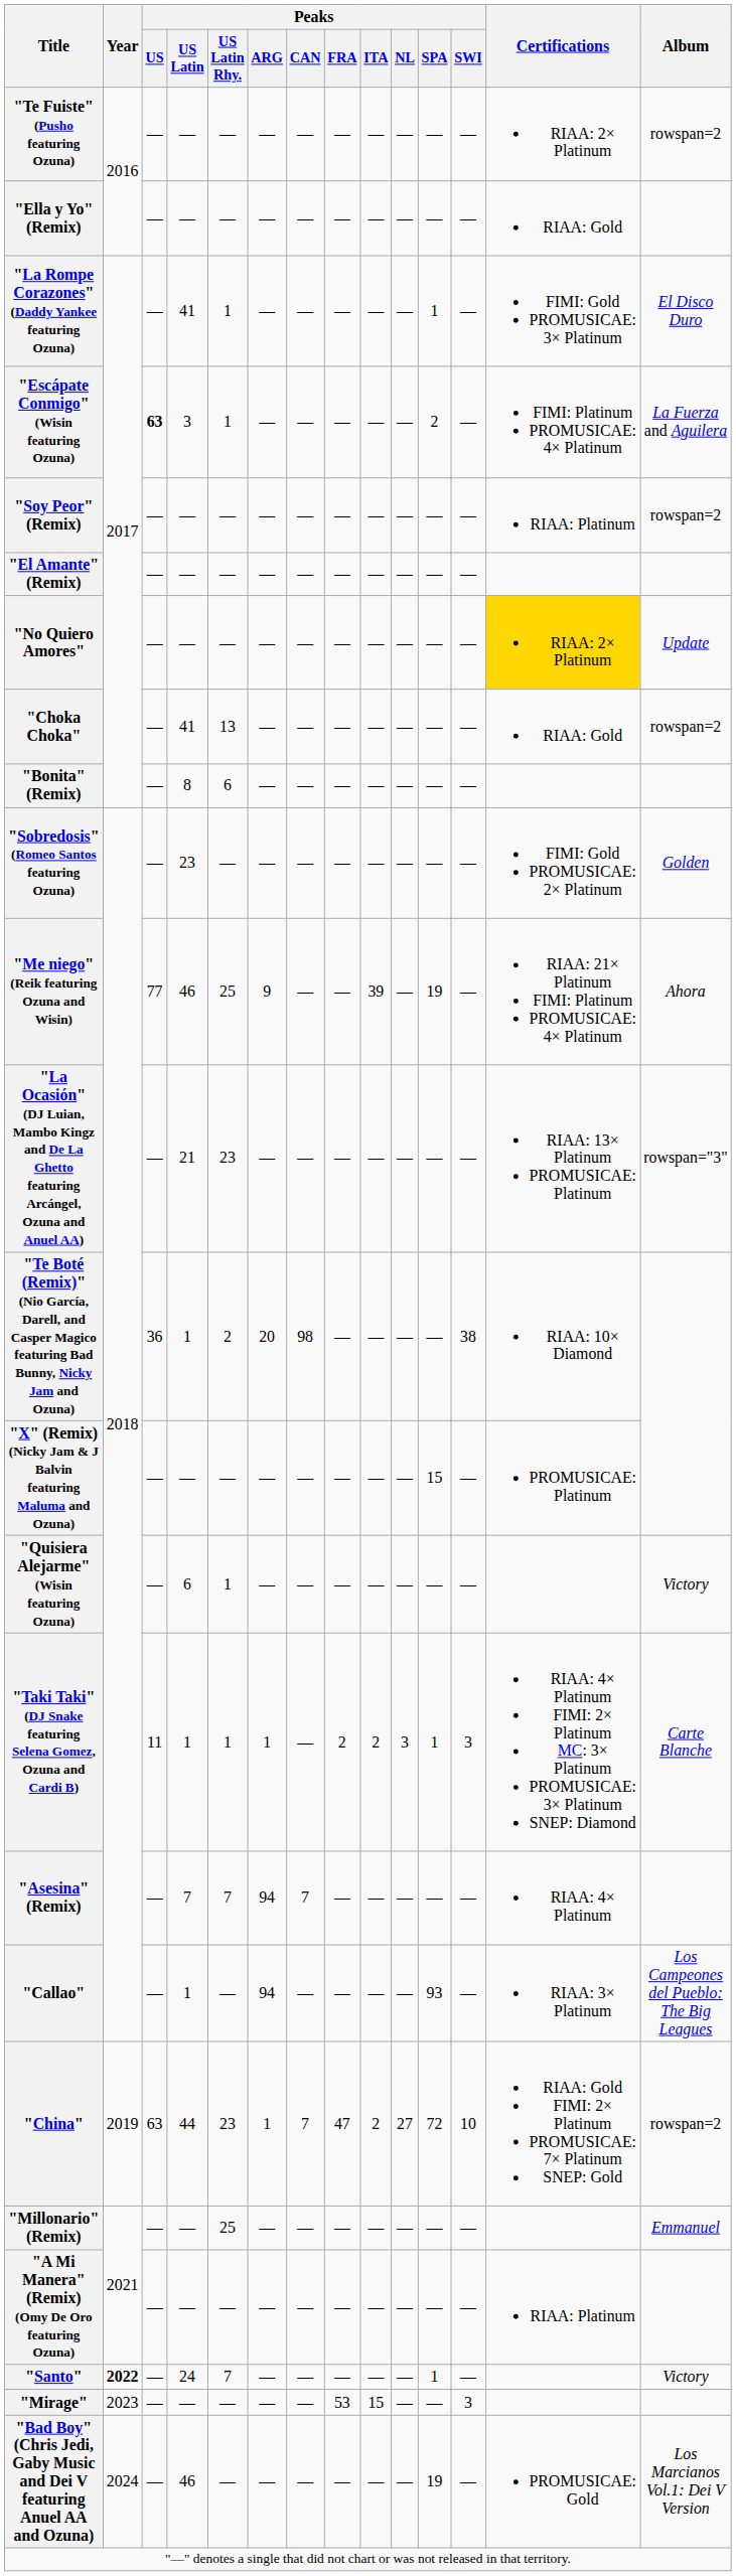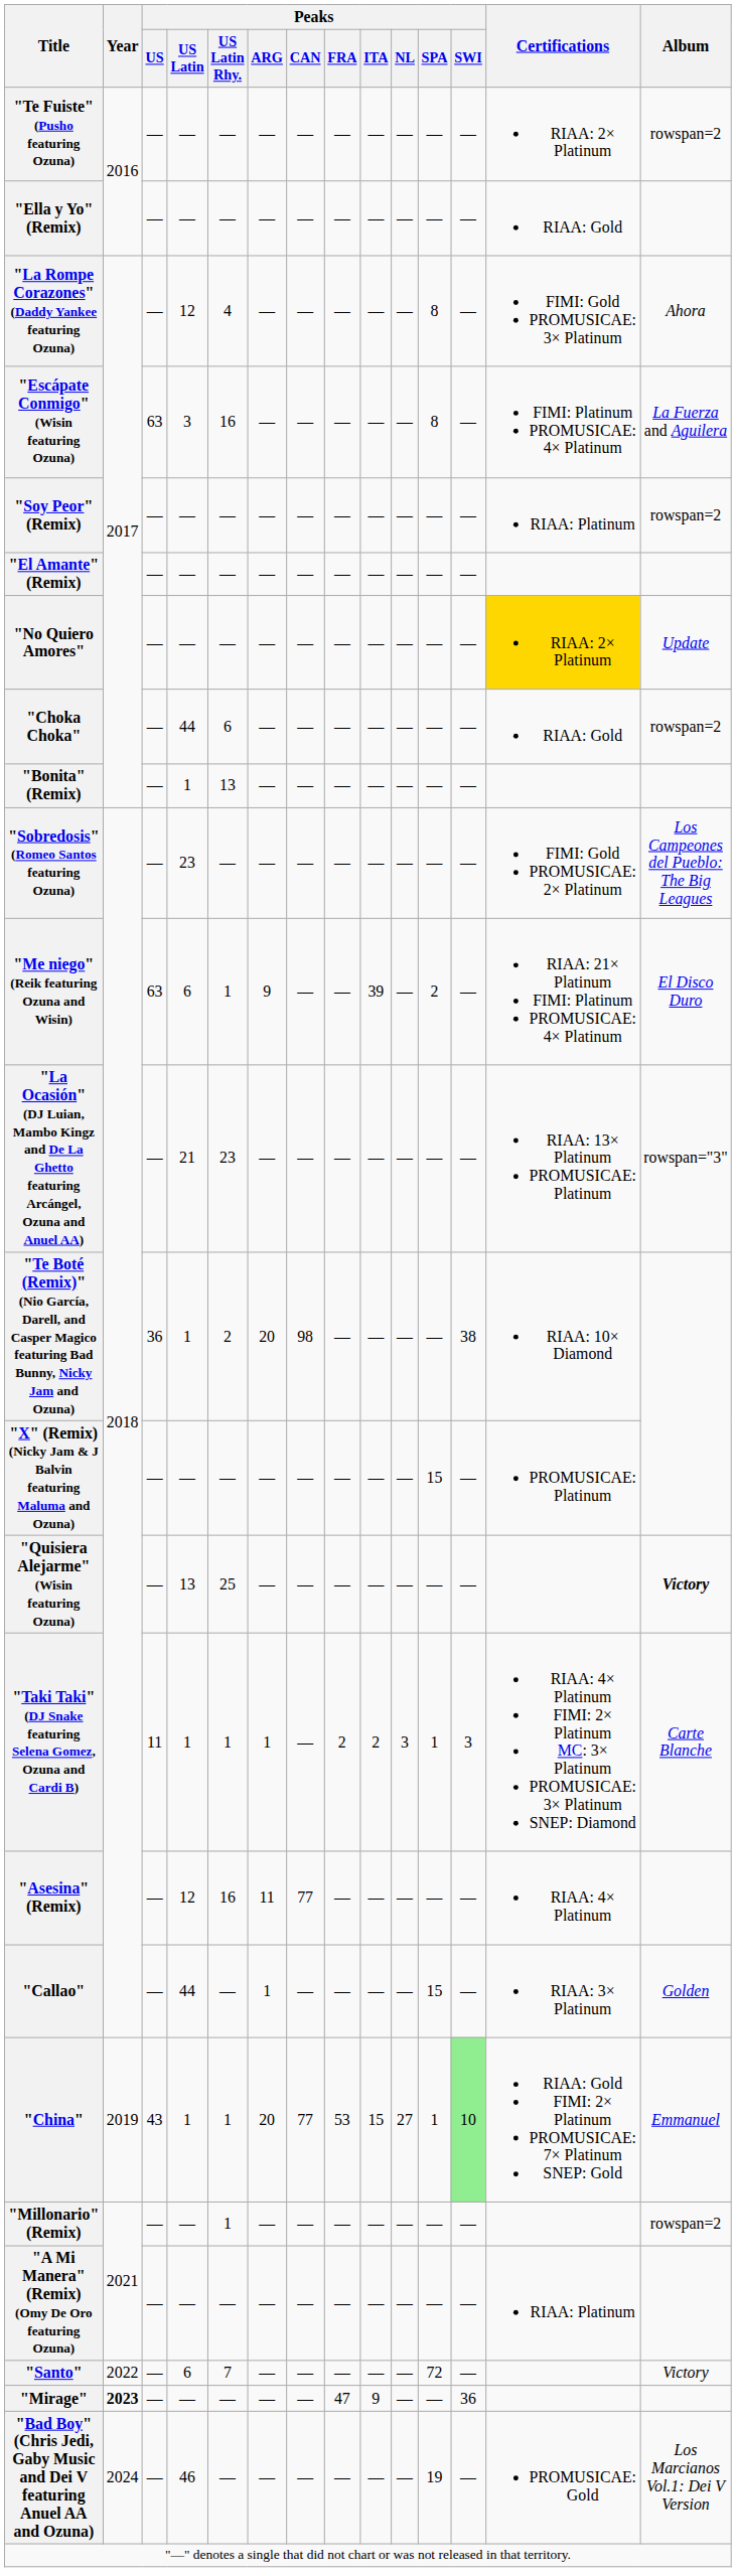 <table class="wikitable plainrowheaders" style="text-align:center;">
 <tr>
 <th scope="col" rowspan="2" style="width:19em;">Title</th>
 <th scope="col" rowspan="2">Year</th>
 <th scope="col" colspan="10">Peaks</th>
 <th scope="col" rowspan="2" style="width:16em;"><a href='#'>Certifications</a></th>
 <th scope="col" rowspan="2">Album</th>
 </tr>
 <tr>
 <th scope="col" style="width:3em;font-size:90%;"><a href='#'>US</a><br></th>
 <th scope="col" style="width:3em;font-size:90%;"><a href='#'>US<br>Latin</a><br></th>
 <th scope="col" style="width:3em;font-size:90%;"><a href='#'>US<br>Latin<br>Rhy.</a><br></th>
 <th scope="col" style="width:3em;font-size:90%;"><a href='#'>ARG</a><br></th>
 <th scope="col" style="width:3em;font-size:90%;"><a href='#'>CAN</a><br></th>
 <th scope="col" style="width:3em;font-size:90%;"><a href='#'>FRA</a><br></th>
 <th scope="col" style="width:3em;font-size:90%;"><a href='#'>ITA</a><br></th>
 <th scope="col" style="width:3em;font-size:90%;"><a href='#'>NL</a><br></th>
 <th scope="col" style="width:3em;font-size:90%;"><a href='#'>SPA</a><br></th>
 <th scope="col" style="width:3em;font-size:90%;"><a href='#'>SWI</a><br></th>
 </tr>
 <tr>
 <th scope="row">"Te Fuiste"<br><small>(<a href='#'>Pusho</a> featuring Ozuna)</small></th>
 <td rowspan=2>2016</td>
 <td>—</td>
 <td>—</td>
 <td>—</td>
 <td>—</td>
 <td>—</td>
 <td>—</td>
 <td>—</td>
 <td>—</td>
 <td>—</td>
 <td>—</td>
 <td><br><ul><li>RIAA: 2× Platinum </li></ul></td>
 <td>rowspan=2 </td>
 </tr>
 <tr>
 <th scope="row">"Ella y Yo" (Remix)<br></th>
 <td>—</td>
 <td>—</td>
 <td>—</td>
 <td>—</td>
 <td>—</td>
 <td>—</td>
 <td>—</td>
 <td>—</td>
 <td>—</td>
 <td>—</td>
 <td><br><ul><li>RIAA: Gold </li></ul></td>
 </tr>
 <tr>
 <th scope="row">"<a href='#'>La Rompe Corazones</a>"<br><small>(<a href='#'>Daddy Yankee</a> featuring Ozuna)</small></th>
 <td rowspan="7">2017</td>
 <td>—</td>
-<td>41</td>
-<td>1</td>
+<td>12</td>
+<td>4</td>
 <td>—</td>
 <td>—</td>
 <td>—</td>
 <td>—</td>
 <td>—</td>
-<td>1</td>
+<td>8</td>
 <td>—</td>
 <td><br><ul><li>FIMI: Gold</li><li>PROMUSICAE: 3× Platinum</li></ul></td>
-<td><em><a href='#'>El Disco Duro</a></em></td>
+<td><em>Ahora</em></td>
 </tr>
 <tr>
 <th scope="row">"<a href='#'>Escápate Conmigo</a>"<br><small>(Wisin featuring Ozuna)</small></th>
-<td><strong>63</strong></td>
+<td>63</td>
 <td>3</td>
-<td>1</td>
+<td>16</td>
 <td>—</td>
 <td>—</td>
 <td>—</td>
 <td>—</td>
 <td>—</td>
-<td>2</td>
+<td>8</td>
 <td>—</td>
 <td><br><ul><li>FIMI: Platinum</li><li>PROMUSICAE: 4× Platinum</li></ul></td>
 <td><em><a href='#'>La Fuerza</a></em> and <em><a href='#'>Aguilera</a></em></td>
 </tr>
 <tr>
 <th scope="row">"<a href='#'>Soy Peor</a>" (Remix)<br></th>
 <td>—</td>
 <td>—</td>
 <td>—</td>
 <td>—</td>
 <td>—</td>
 <td>—</td>
 <td>—</td>
 <td>—</td>
 <td>—</td>
 <td>—</td>
 <td><br><ul><li>RIAA: Platinum </li></ul></td>
 <td>rowspan=2 </td>
 </tr>
 <tr>
 <th scope="row">"<a href='#'>El Amante</a>" (Remix)<br></th>
 <td>—</td>
 <td>—</td>
 <td>—</td>
 <td>—</td>
 <td>—</td>
 <td>—</td>
 <td>—</td>
 <td>—</td>
 <td>—</td>
 <td>—</td>
 <td></td>
 </tr>
 <tr>
 <th scope="row">"No Quiero Amores"<br></th>
 <td>—</td>
 <td>—</td>
 <td>—</td>
 <td>—</td>
 <td>—</td>
 <td>—</td>
 <td>—</td>
 <td>—</td>
 <td>—</td>
 <td>—</td>
 <td style="background: gold;"><br><ul><li>RIAA: 2× Platinum </li></ul></td>
 <td><em><a href='#'>Update</a></em></td>
 </tr>
 <tr>
 <th scope="row">"Choka Choka"<br></th>
 <td>—</td>
-<td>41</td>
-<td>13</td>
+<td>44</td>
+<td>6</td>
 <td>—</td>
 <td>—</td>
 <td>—</td>
 <td>—</td>
 <td>—</td>
 <td>—</td>
 <td>—</td>
 <td><br><ul><li>RIAA: Gold </li></ul></td>
 <td>rowspan=2 </td>
 </tr>
 <tr>
 <th scope="row">"Bonita" (Remix)<br></th>
 <td>—</td>
-<td>8</td>
-<td>6</td>
+<td>1</td>
+<td>13</td>
 <td>—</td>
 <td>—</td>
 <td>—</td>
 <td>—</td>
 <td>—</td>
 <td>—</td>
 <td>—</td>
 <td></td>
 </tr>
 <tr>
 <th scope="row">"<a href='#'>Sobredosis</a>"<br><small>(<a href='#'>Romeo Santos</a> featuring Ozuna)</small></th>
 <td rowspan="9">2018</td>
 <td>—</td>
 <td>23</td>
 <td>—</td>
 <td>—</td>
 <td>—</td>
 <td>—</td>
 <td>—</td>
 <td>—</td>
 <td>—</td>
 <td>—</td>
 <td><br><ul><li>FIMI: Gold</li><li>PROMUSICAE: 2× Platinum</li></ul></td>
-<td><em><a href='#'>Golden</a></em></td>
+<td><em><a href='#'>Los Campeones del Pueblo: The Big Leagues</a></em></td>
 </tr>
 <tr>
 <th scope="row">"<a href='#'>Me niego</a>"<br><small>(Reik featuring Ozuna and Wisin)</small></th>
-<td>77</td>
-<td>46</td>
-<td>25</td>
+<td>63</td>
+<td>6</td>
+<td>1</td>
 <td>9</td>
 <td>—</td>
 <td>—</td>
 <td>39</td>
 <td>—</td>
-<td>19</td>
+<td>2</td>
 <td>—</td>
 <td><br><ul><li>RIAA: 21× Platinum </li><li>FIMI: Platinum</li><li>PROMUSICAE: 4× Platinum</li></ul></td>
-<td><em>Ahora</em></td>
+<td><em><a href='#'>El Disco Duro</a></em></td>
 </tr>
 <tr>
 <th scope="row">"<a href='#'>La Ocasión</a>"<br><small>(DJ Luian, Mambo Kingz and <a href='#'>De La Ghetto</a> featuring Arcángel, Ozuna and <a href='#'>Anuel AA</a>)</small></th>
 <td>—</td>
 <td>21</td>
 <td>23</td>
 <td>—</td>
 <td>—</td>
 <td>—</td>
 <td>—</td>
 <td>—</td>
 <td>—</td>
 <td>—</td>
 <td><br><ul><li>RIAA: 13× Platinum </li><li>PROMUSICAE: Platinum</li></ul></td>
 <td>rowspan="3" </td>
 </tr>
 <tr>
 <th scope="row">"<a href='#'>Te Boté (Remix)</a>" <br><small>(Nio García, Darell, and Casper Magico featuring Bad Bunny, <a href='#'>Nicky Jam</a> and Ozuna)</small></th>
 <td>36</td>
 <td>1</td>
 <td>2</td>
 <td>20</td>
 <td>98</td>
 <td>—</td>
 <td>—</td>
 <td>—</td>
 <td>—</td>
 <td>38</td>
 <td><br><ul><li>RIAA: 10× Diamond </li></ul></td>
 </tr>
 <tr>
 <th scope="row">"<a href='#'>X</a>" (Remix)<br><small>(Nicky Jam & J Balvin featuring <a href='#'>Maluma</a> and Ozuna)</small></th>
 <td>—</td>
 <td>—</td>
 <td>—</td>
 <td>—</td>
 <td>—</td>
 <td>—</td>
 <td>—</td>
 <td>—</td>
 <td>15</td>
 <td>—</td>
 <td><br><ul><li>PROMUSICAE: Platinum</li></ul></td>
 </tr>
 <tr>
 <th scope="row">"Quisiera Alejarme"<br><small>(Wisin featuring Ozuna)</small></th>
 <td>—</td>
-<td>6</td>
-<td>1</td>
+<td>13</td>
+<td>25</td>
 <td>—</td>
 <td>—</td>
 <td>—</td>
 <td>—</td>
 <td>—</td>
 <td>—</td>
 <td>—</td>
 <td></td>
-<td><em>Victory</em></td>
+<td><strong><em>Victory</em></strong></td>
 </tr>
 <tr>
 <th scope="row">"<a href='#'>Taki Taki</a>" <br><small>(<a href='#'>DJ Snake</a> featuring <a href='#'>Selena Gomez</a>, Ozuna and <a href='#'>Cardi B</a>)</small></th>
 <td>11</td>
 <td>1</td>
 <td>1</td>
 <td>1</td>
 <td>—</td>
 <td>2</td>
 <td>2</td>
 <td>3</td>
 <td>1</td>
 <td>3</td>
 <td><br><ul><li>RIAA: 4× Platinum</li><li>FIMI: 2× Platinum</li><li><a href='#'>MC</a>: 3× Platinum</li><li>PROMUSICAE: 3× Platinum</li><li>SNEP: Diamond</li></ul></td>
 <td><em><a href='#'>Carte Blanche</a></em></td>
 </tr>
 <tr>
 <th scope="row">"<a href='#'>Asesina</a>" (Remix)<br></th>
 <td>—</td>
-<td>7</td>
-<td>7</td>
-<td>94</td>
-<td>7</td>
+<td>12</td>
+<td>16</td>
+<td>11</td>
+<td>77</td>
 <td>—</td>
 <td>—</td>
 <td>—</td>
 <td>—</td>
 <td>—</td>
 <td><br><ul><li>RIAA: 4× Platinum </li></ul></td>
 <td></td>
 </tr>
 <tr>
 <th scope="row">"Callao"<br></th>
 <td>—</td>
+<td>44</td>
+<td>—</td>
 <td>1</td>
-<td>—</td>
-<td>94</td>
 <td>—</td>
 <td>—</td>
 <td>—</td>
 <td>—</td>
-<td>93</td>
+<td>15</td>
 <td>—</td>
 <td><br><ul><li>RIAA: 3× Platinum </li></ul></td>
-<td><em><a href='#'>Los Campeones del Pueblo: The Big Leagues</a></em></td>
+<td><em><a href='#'>Golden</a></em></td>
 </tr>
 <tr>
 <th scope="row">"<a href='#'>China</a>"<br></th>
 <td>2019</td>
-<td>63</td>
-<td>44</td>
-<td>23</td>
+<td>43</td>
 <td>1</td>
-<td>7</td>
-<td>47</td>
-<td>2</td>
+<td>1</td>
+<td>20</td>
+<td>77</td>
+<td>53</td>
+<td>15</td>
 <td>27</td>
-<td>72</td>
-<td>10</td>
+<td>1</td>
+<td style="background: lightgreen;">10</td>
 <td><br><ul><li>RIAA: Gold </li><li>FIMI: 2× Platinum</li><li>PROMUSICAE: 7× Platinum</li><li>SNEP: Gold</li></ul></td>
-<td>rowspan=2 </td>
+<td><em><a href='#'>Emmanuel</a></em></td>
 </tr>
 <tr>
 <th scope="row">"Millonario" (Remix)<br></th>
 <td rowspan="2">2021</td>
 <td>—</td>
 <td>—</td>
-<td>25</td>
+<td>1</td>
 <td>—</td>
 <td>—</td>
 <td>—</td>
 <td>—</td>
 <td>—</td>
 <td>—</td>
 <td>—</td>
 <td></td>
-<td><em><a href='#'>Emmanuel</a></em></td>
+<td>rowspan=2 </td>
 </tr>
 <tr>
 <th scope="row">"A Mi Manera" (Remix)<br><small>(Omy De Oro featuring Ozuna)</small></th>
 <td>—</td>
 <td>—</td>
 <td>—</td>
 <td>—</td>
 <td>—</td>
 <td>—</td>
 <td>—</td>
 <td>—</td>
 <td>—</td>
 <td>—</td>
 <td><br><ul><li>RIAA: Platinum </li></ul></td>
 </tr>
 <tr>
 <th scope="row">"<a href='#'>Santo</a>"<br></th>
-<td><strong>2022</strong></td>
+<td>2022</td>
 <td>—</td>
-<td>24</td>
+<td>6</td>
 <td>7</td>
 <td>—</td>
 <td>—</td>
 <td>—</td>
 <td>—</td>
 <td>—</td>
-<td>1</td>
+<td>72</td>
 <td>—</td>
 <td></td>
 <td><em>Victory</em></td>
 </tr>
 <tr>
 <th scope="row">"Mirage"<br></th>
-<td>2023</td>
+<td><strong>2023</strong></td>
 <td>—</td>
 <td>—</td>
 <td>—</td>
 <td>—</td>
 <td>—</td>
-<td>53</td>
-<td>15</td>
+<td>47</td>
+<td>9</td>
 <td>—</td>
 <td>—</td>
-<td>3</td>
+<td>36</td>
 <td></td>
 <td></td>
 </tr>
 <tr>
 <th scope="row">"<a href='#'>Bad Boy</a>"<br><span>(Chris Jedi, Gaby Music and Dei V featuring Anuel AA and Ozuna)</span></th>
 <td>2024</td>
 <td>—</td>
 <td>46</td>
 <td>—</td>
 <td>—</td>
 <td>—</td>
 <td>—</td>
 <td>—</td>
 <td>—</td>
 <td>19</td>
 <td>—</td>
 <td><br><ul><li>PROMUSICAE: Gold</li></ul></td>
 <td><em>Los Marcianos Vol.1: Dei V Version</em></td>
 </tr>
 <tr>
 <td colspan="15" style="font-size:85%">"—" denotes a single that did not chart or was not released in that territory.</td>
 </tr>
 </table>
